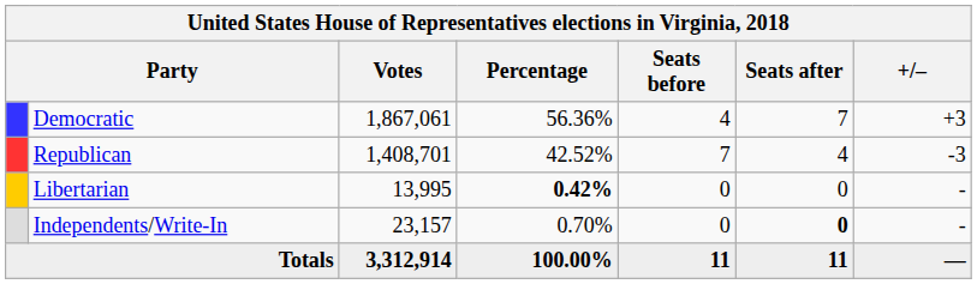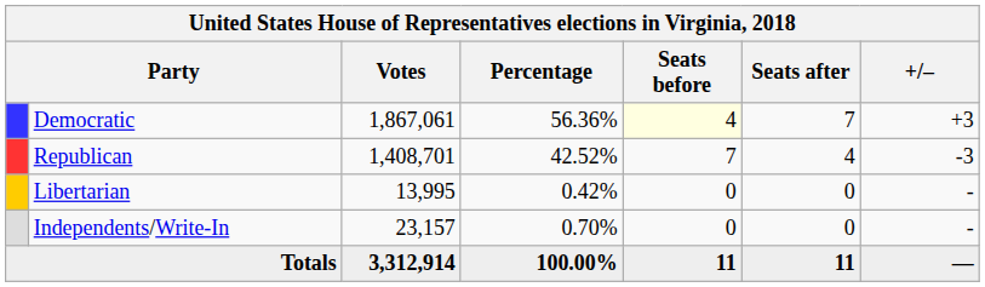 <table class="wikitable" style="font-size: 95%;">
 <tr>
 <th colspan="7">United States House of Representatives elections in Virginia, 2018</th>
 </tr>
 <tr>
 <th colspan=2 style="width: 15em">Party</th>
 <th style="width: 5em">Votes</th>
 <th style="width: 7em">Percentage</th>
 <th style="width: 5em">Seats before</th>
 <th style="width: 5em">Seats after</th>
 <th style="width: 5em">+/–</th>
 </tr>
 <tr>
 <th style="background-color:#3333FF; width: 3px"></th>
 <td style="width: 130px"><a href='#'>Democratic</a></td>
 <td align="right">1,867,061</td>
 <td align="right">56.36%</td>
-<td align="right">4</td>
+<td align="right" style="background: lightyellow;">4</td>
 <td align="right">7</td>
 <td align="right">+3</td>
 </tr>
 <tr>
 <th style="background-color:#FF3333; width: 3px"></th>
 <td style="width: 130px"><a href='#'>Republican</a></td>
 <td align="right">1,408,701</td>
 <td align="right">42.52%</td>
 <td align="right">7</td>
 <td align="right">4</td>
 <td align="right">-3</td>
 </tr>
 <tr>
 <th style="background-color:#FFCC00; width: 3px"></th>
 <td style="width: 130px"><a href='#'>Libertarian</a></td>
 <td align="right">13,995</td>
-<td align="right"><strong>0.42%</strong></td>
+<td align="right">0.42%</td>
 <td align="right">0</td>
 <td align="right">0</td>
 <td align="right">-</td>
 </tr>
 <tr>
 <th style="background-color:#DDDDDD; width: 3px"></th>
 <td style="width: 130px"><a href='#'>Independents</a>/<a href='#'>Write-In</a></td>
 <td align="right">23,157</td>
 <td align="right">0.70%</td>
 <td align="right">0</td>
-<td align="right"><strong>0</strong></td>
+<td align="right">0</td>
 <td align="right">-</td>
 </tr>
 <tr bgcolor="#EEEEEE">
 <td colspan="2" align="right"><strong>Totals</strong></td>
 <td align="right"><strong>3,312,914</strong></td>
 <td align="right"><strong>100.00%</strong></td>
 <td align="right"><strong>11</strong></td>
 <td align="right"><strong>11</strong></td>
 <td align="right"><strong>—</strong></td>
 </tr>
 </table>
